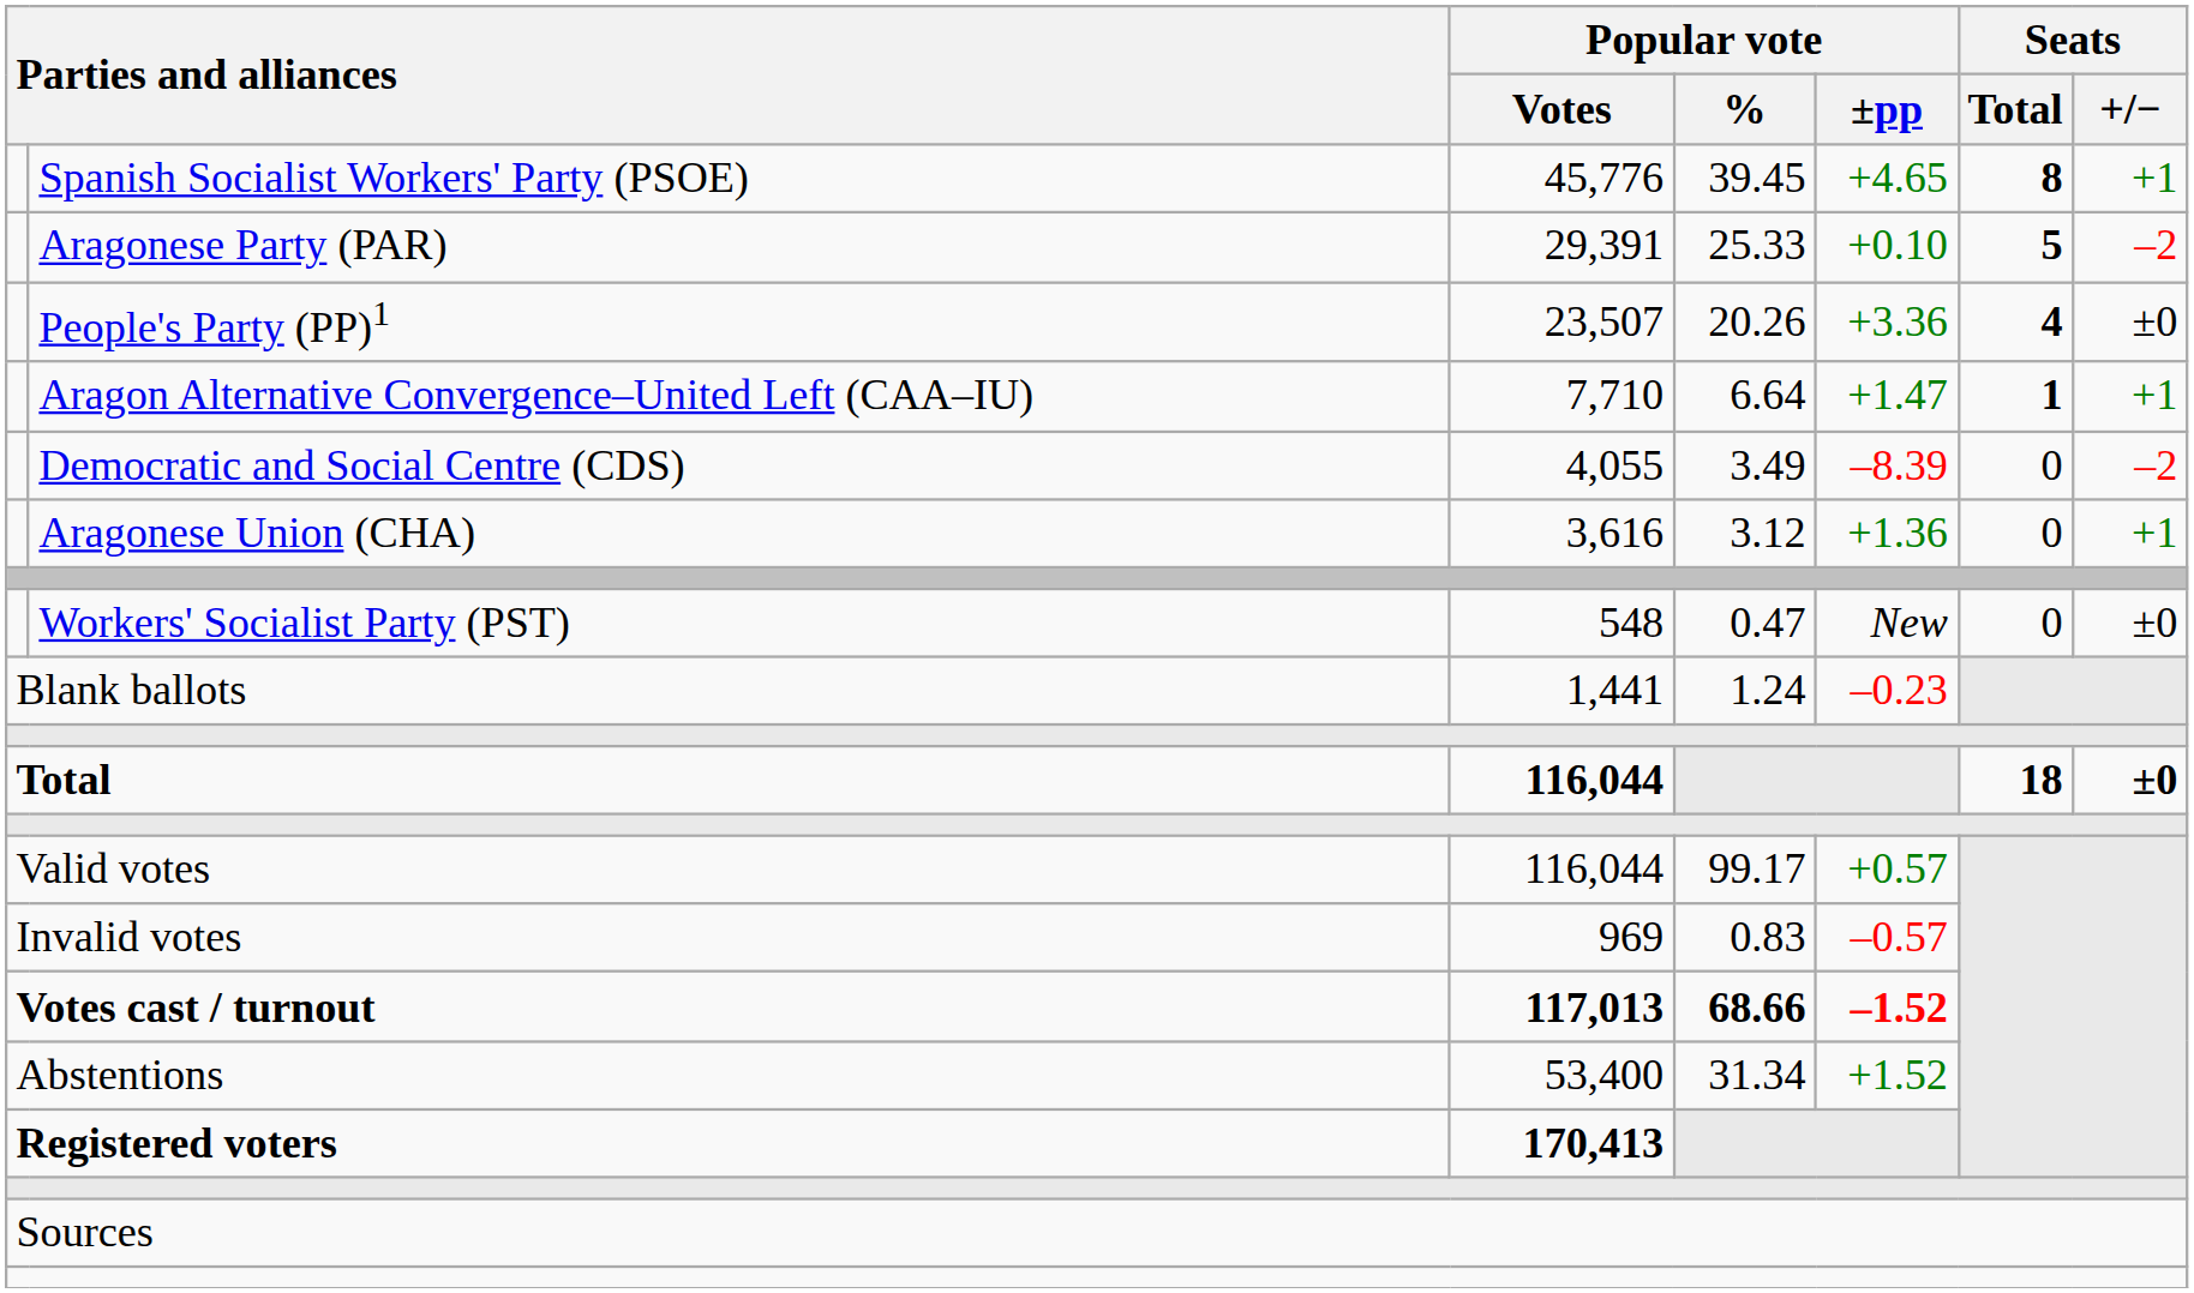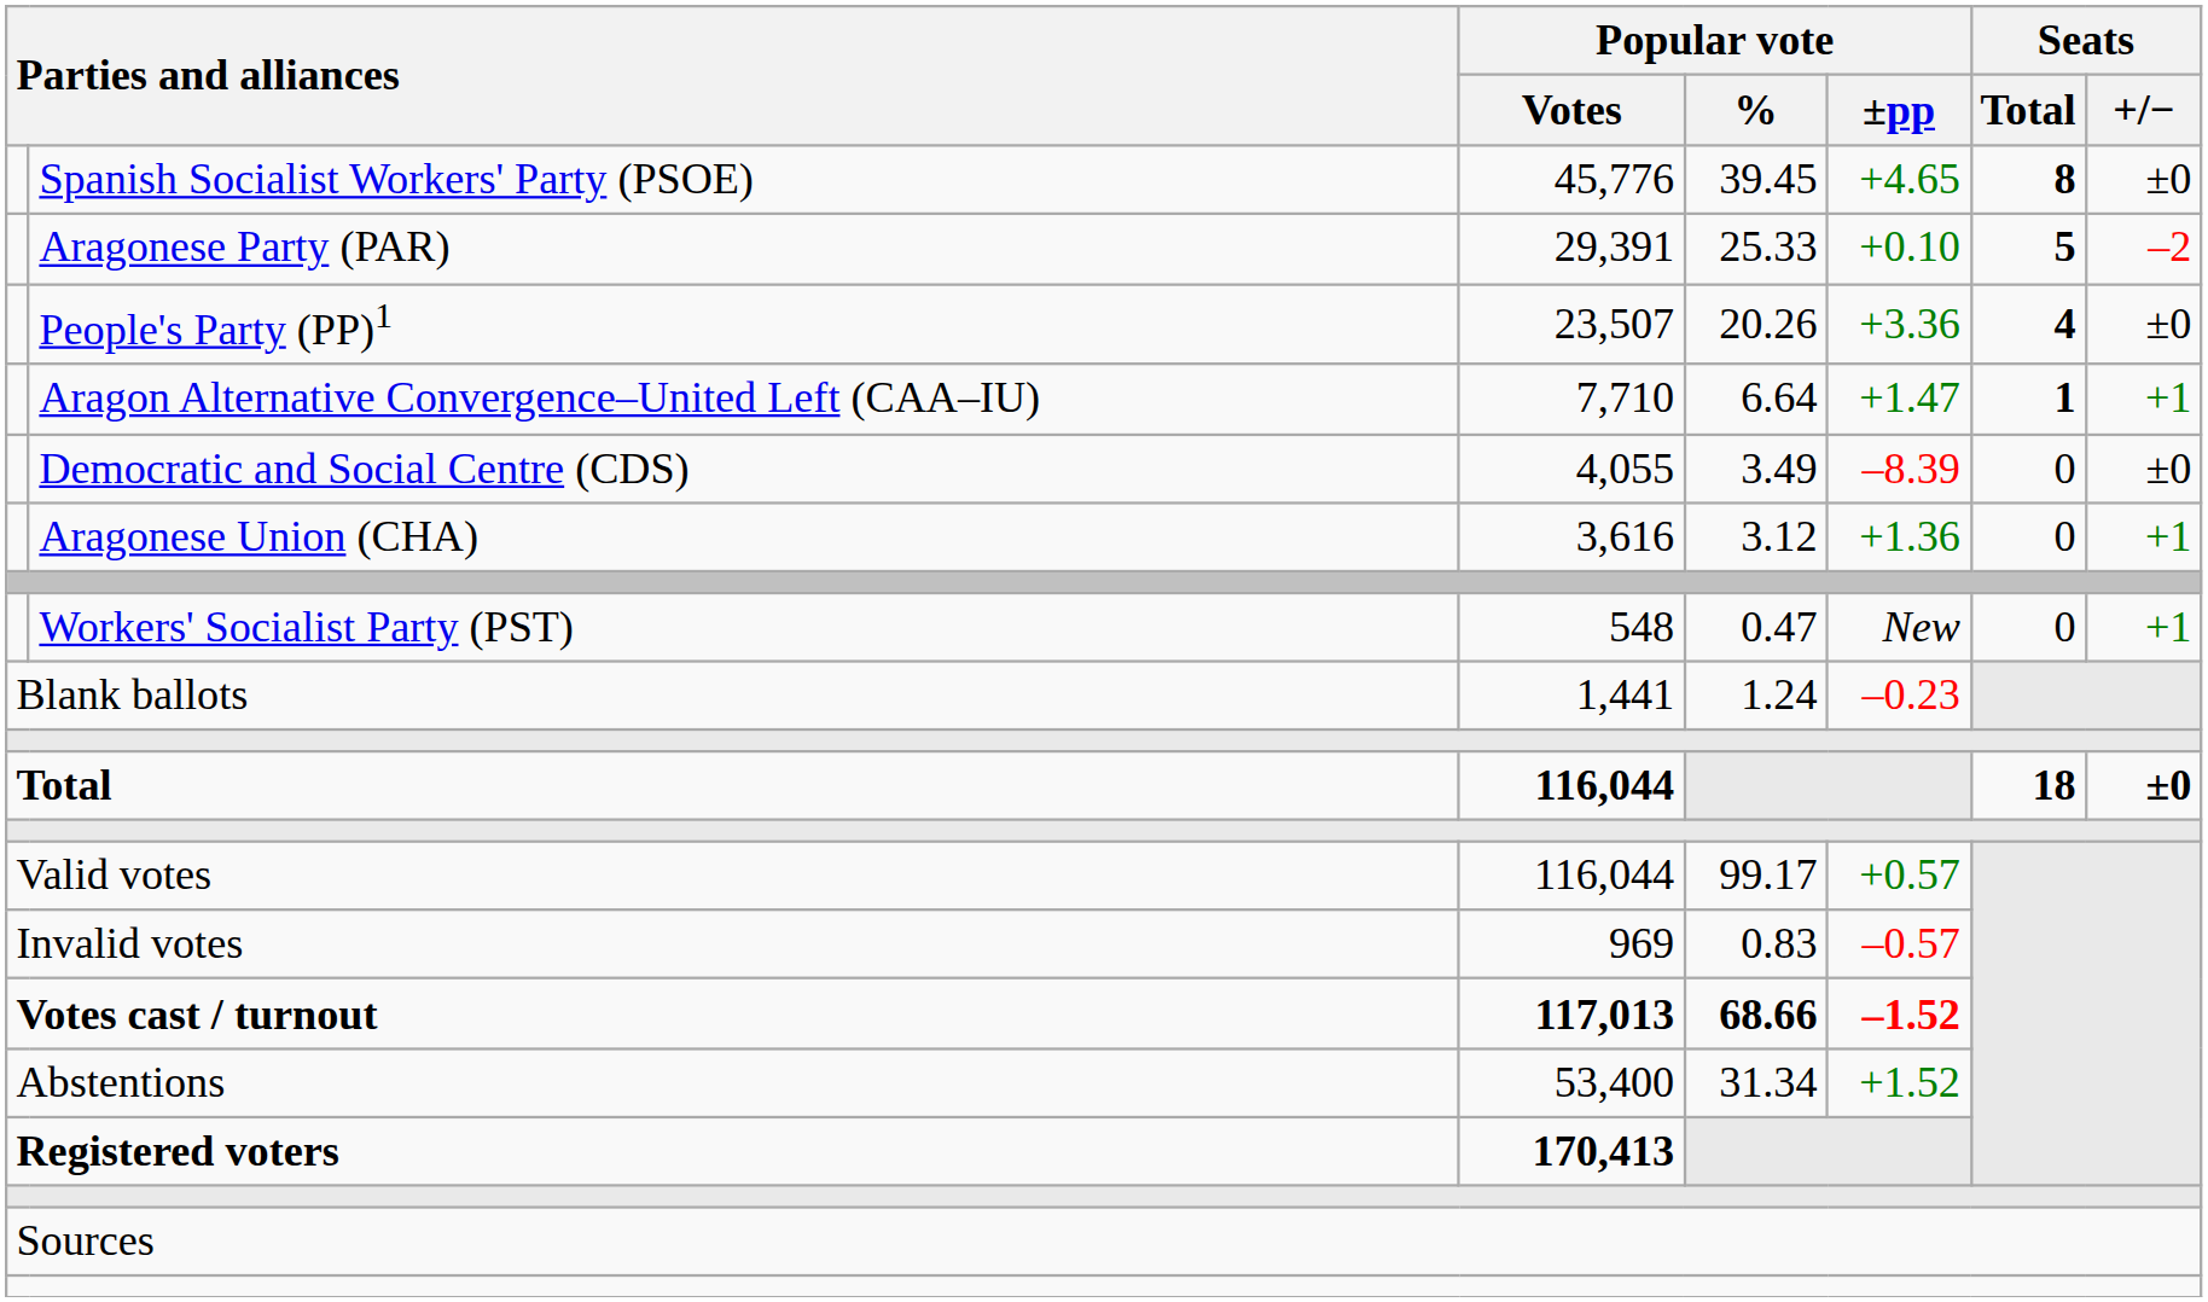 <table class="wikitable" style="text-align:right;">
 <tr>
 <th style="text-align:left;" rowspan="2" colspan="2" width="525">Parties and alliances</th>
 <th colspan="3">Popular vote</th>
 <th colspan="2">Seats</th>
 </tr>
 <tr>
 <th width="75">Votes</th>
 <th width="45">%</th>
 <th width="45">±<a href='#'>pp</a></th>
 <th width="35">Total</th>
 <th width="35">+/−</th>
 </tr>
 <tr>
 <td width="1" style="color:inherit;background:"></td>
 <td align="left"><a href='#'>Spanish Socialist Workers' Party</a> (PSOE)</td>
 <td>45,776</td>
 <td>39.45</td>
 <td style="color:green;">+4.65</td>
 <td><strong>8</strong></td>
-<td style="color:green;">+1</td>
+<td>±0</td>
 </tr>
 <tr>
 <td style="color:inherit;background:"></td>
 <td align="left"><a href='#'>Aragonese Party</a> (PAR)</td>
 <td>29,391</td>
 <td>25.33</td>
 <td style="color:green;">+0.10</td>
 <td><strong>5</strong></td>
 <td style="color:red;">–2</td>
 </tr>
 <tr>
 <td style="color:inherit;background:"></td>
 <td align="left"><a href='#'>People's Party</a> (PP)<sup>1</sup></td>
 <td>23,507</td>
 <td>20.26</td>
 <td style="color:green;">+3.36</td>
 <td><strong>4</strong></td>
 <td>±0</td>
 </tr>
 <tr>
 <td style="color:inherit;background:"></td>
 <td align="left"><a href='#'>Aragon Alternative Convergence–United Left</a> (CAA–IU)</td>
 <td>7,710</td>
 <td>6.64</td>
 <td style="color:green;">+1.47</td>
 <td><strong>1</strong></td>
 <td style="color:green;">+1</td>
 </tr>
 <tr>
 <td style="color:inherit;background:"></td>
 <td align="left"><a href='#'>Democratic and Social Centre</a> (CDS)</td>
 <td>4,055</td>
 <td>3.49</td>
 <td style="color:red;">–8.39</td>
 <td>0</td>
-<td style="color:red;">–2</td>
+<td>±0</td>
 </tr>
 <tr>
 <td style="color:inherit;background:"></td>
 <td align="left"><a href='#'>Aragonese Union</a> (CHA)</td>
 <td>3,616</td>
 <td>3.12</td>
 <td style="color:green;">+1.36</td>
 <td>0</td>
 <td style="color:green;">+1</td>
 </tr>
 <tr>
 <td colspan="7" bgcolor="#C0C0C0"></td>
 </tr>
 <tr>
 <td style="color:inherit;background:"></td>
 <td align="left"><a href='#'>Workers' Socialist Party</a> (PST)</td>
 <td>548</td>
 <td>0.47</td>
 <td><em>New</em></td>
 <td>0</td>
-<td>±0</td>
+<td style="color:green;">+1</td>
 </tr>
 <tr>
 <td align="left" colspan="2">Blank ballots</td>
 <td>1,441</td>
 <td>1.24</td>
 <td style="color:red;">–0.23</td>
 <td bgcolor="#E9E9E9" colspan="2"></td>
 </tr>
 <tr>
 <td colspan="7" bgcolor="#E9E9E9"></td>
 </tr>
 <tr style="font-weight:bold;">
 <td align="left" colspan="2">Total</td>
 <td>116,044</td>
 <td bgcolor="#E9E9E9" colspan="2"></td>
 <td>18</td>
 <td>±0</td>
 </tr>
 <tr>
 <td colspan="7" bgcolor="#E9E9E9"></td>
 </tr>
 <tr>
 <td align="left" colspan="2">Valid votes</td>
 <td>116,044</td>
 <td>99.17</td>
 <td style="color:green;">+0.57</td>
 <td bgcolor="#E9E9E9" colspan="2" rowspan="5"></td>
 </tr>
 <tr>
 <td align="left" colspan="2">Invalid votes</td>
 <td>969</td>
 <td>0.83</td>
 <td style="color:red;">–0.57</td>
 </tr>
 <tr style="font-weight:bold;">
 <td align="left" colspan="2">Votes cast / turnout</td>
 <td>117,013</td>
 <td>68.66</td>
 <td style="color:red;">–1.52</td>
 </tr>
 <tr>
 <td align="left" colspan="2">Abstentions</td>
 <td>53,400</td>
 <td>31.34</td>
 <td style="color:green;">+1.52</td>
 </tr>
 <tr style="font-weight:bold;">
 <td align="left" colspan="2">Registered voters</td>
 <td>170,413</td>
 <td bgcolor="#E9E9E9" colspan="2"></td>
 </tr>
 <tr>
 <td colspan="7" bgcolor="#E9E9E9"></td>
 </tr>
 <tr>
 <td align="left" colspan="7">Sources</td>
 </tr>
 <tr>
 <td colspan="7" style="text-align:left; max-width:790px;"></td>
 </tr>
 </table>
